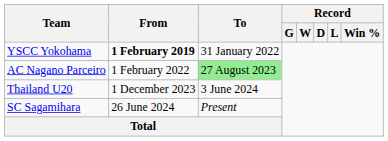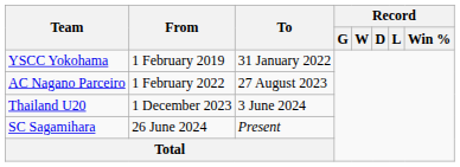 <table class="wikitable" style="text-align: center">
 <tr>
 <th rowspan="2">Team</th>
 <th rowspan="2">From</th>
 <th rowspan="2">To</th>
 <th colspan="5">Record</th>
 </tr>
 <tr>
 <th>G</th>
 <th>W</th>
 <th>D</th>
 <th>L</th>
 <th>Win %</th>
 </tr>
 <tr>
 <td align="left"><a href='#'>YSCC Yokohama</a></td>
-<td align="left"><strong>1 February 2019</strong></td>
+<td align="left">1 February 2019</td>
 <td align="left">31 January 2022<br></td>
 </tr>
 <tr>
 <td align="left"><a href='#'>AC Nagano Parceiro</a></td>
 <td align="left">1 February 2022</td>
-<td align="left" style="background: lightgreen;">27 August 2023<br></td>
+<td align="left">27 August 2023<br></td>
 </tr>
 <tr>
 <td align="left"><a href='#'>Thailand U20</a></td>
 <td align="left">1 December 2023</td>
 <td align="left">3 June 2024<br></td>
 </tr>
 <tr>
 <td align="left"><a href='#'>SC Sagamihara</a></td>
 <td align="left">26 June 2024</td>
 <td align="left"><em>Present</em><br></td>
 </tr>
 <tr>
 <th colspan="3">Total<br></th>
 </tr>
 </table>
